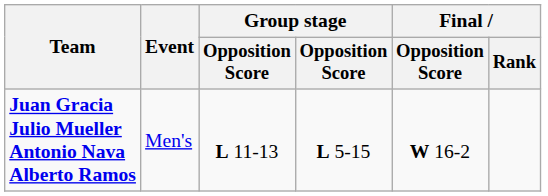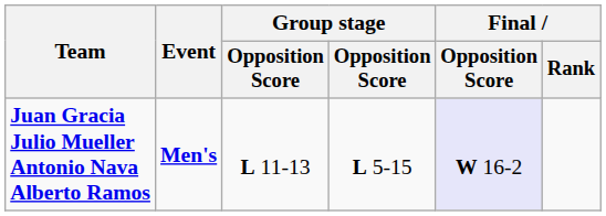 <table class=wikitable style="font-size:90%">
 <tr>
 <th rowspan="2">Team</th>
 <th rowspan="2">Event</th>
 <th colspan=2>Group stage</th>
 <th colspan=2>Final / </th>
 </tr>
 <tr style="font-size:95%">
 <th>Opposition<br>Score</th>
 <th>Opposition<br>Score</th>
 <th>Opposition<br>Score</th>
 <th>Rank</th>
 </tr>
 <tr align=center>
 <td align=left><strong><a href='#'>Juan Gracia</a><br><a href='#'>Julio Mueller</a><br><a href='#'>Antonio Nava</a><br><a href='#'>Alberto Ramos</a></strong></td>
-<td align=left><a href='#'>Men's</a></td>
+<td align=left><strong><a href='#'>Men's</a></strong></td>
 <td> <br> <strong>L</strong> 11-13</td>
 <td> <br> <strong>L</strong> 5-15</td>
-<td> <br> <strong>W</strong> 16-2</td>
+<td style="background: lavender;"> <br> <strong>W</strong> 16-2</td>
 <td></td>
 </tr>
 </table>
